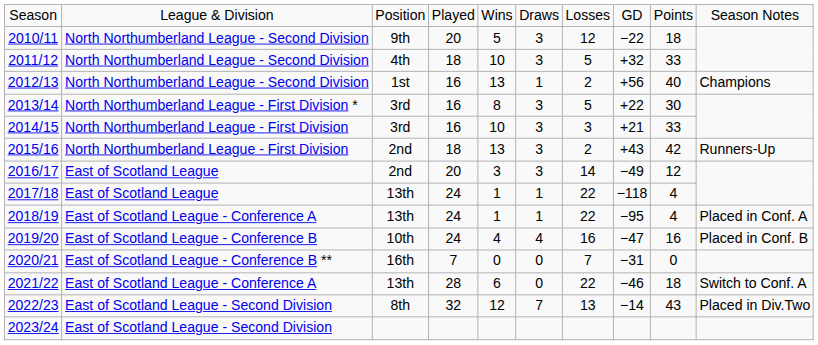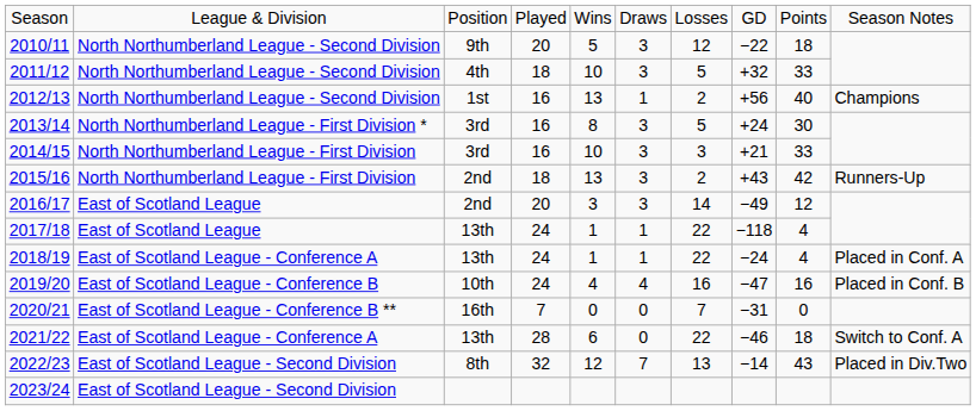 <table class="wikitable">
 <tr>
 <td style="text-align:center">Season</td>
 <td style="text-align:center">League & Division</td>
 <td style="text-align:center">Position</td>
 <td style="text-align:center">Played</td>
 <td style="text-align:center">Wins</td>
 <td style="text-align:center">Draws</td>
 <td style="text-align:center">Losses</td>
 <td style="text-align:center">GD</td>
 <td style="text-align:center">Points</td>
 <td style="text-align:center">Season Notes</td>
 </tr>
 <tr>
 <td style="text-align:center"><a href='#'>2010/11</a></td>
 <td style="text-align:center"><a href='#'>North Northumberland League - Second Division</a></td>
 <td style="text-align:center">9th</td>
 <td style="text-align:center">20</td>
 <td style="text-align:center">5</td>
 <td style="text-align:center">3</td>
 <td style="text-align:center">12</td>
 <td style="text-align:center">−22</td>
 <td style="text-align:center">18</td>
 </tr>
 <tr>
 <td style="text-align:center"><a href='#'>2011/12</a></td>
 <td style="text-align:center"><a href='#'>North Northumberland League - Second Division</a></td>
 <td style="text-align:center">4th</td>
 <td style="text-align:center">18</td>
 <td style="text-align:center">10</td>
 <td style="text-align:center">3</td>
 <td style="text-align:center">5</td>
 <td style="text-align:center">+32</td>
 <td style="text-align:center">33</td>
 </tr>
 <tr>
 <td style="text-align:center"><a href='#'>2012/13</a></td>
 <td style="text-align:center"><a href='#'>North Northumberland League - Second Division</a></td>
 <td style="text-align:center">1st</td>
 <td style="text-align:center">16</td>
 <td style="text-align:center">13</td>
 <td style="text-align:center">1</td>
 <td style="text-align:center">2</td>
 <td style="text-align:center">+56</td>
 <td style="text-align:center">40</td>
 <td style="text-align:left">Champions</td>
 </tr>
 <tr>
 <td style="text-align:left"><a href='#'>2013/14</a></td>
 <td style="text-align:left"><a href='#'>North Northumberland League - First Division</a> *</td>
 <td style="text-align:center">3rd</td>
 <td style="text-align:center">16</td>
 <td style="text-align:center">8</td>
 <td style="text-align:center">3</td>
 <td style="text-align:center">5</td>
-<td style="text-align:center">+22</td>
+<td style="text-align:center">+24</td>
 <td style="text-align:center">30</td>
 </tr>
 <tr>
 <td style="text-align:left"><a href='#'>2014/15</a></td>
 <td style="text-align:left"><a href='#'>North Northumberland League - First Division</a></td>
 <td style="text-align:center">3rd</td>
 <td style="text-align:center">16</td>
 <td style="text-align:center">10</td>
 <td style="text-align:center">3</td>
 <td style="text-align:center">3</td>
 <td style="text-align:center">+21</td>
 <td style="text-align:center">33</td>
 </tr>
 <tr>
 <td style="text-align:left"><a href='#'>2015/16</a></td>
 <td style="text-align:left"><a href='#'>North Northumberland League - First Division</a></td>
 <td style="text-align:center">2nd</td>
 <td style="text-align:center">18</td>
 <td style="text-align:center">13</td>
 <td style="text-align:center">3</td>
 <td style="text-align:center">2</td>
 <td style="text-align:center">+43</td>
 <td style="text-align:center">42</td>
 <td style="text-align:left">Runners-Up</td>
 </tr>
 <tr>
 <td style="text-align:left"><a href='#'>2016/17</a></td>
 <td style="text-align:left"><a href='#'>East of Scotland League</a></td>
 <td style="text-align:center">2nd</td>
 <td style="text-align:center">20</td>
 <td style="text-align:center">3</td>
 <td style="text-align:center">3</td>
 <td style="text-align:center">14</td>
 <td style="text-align:center">−49</td>
 <td style="text-align:center">12</td>
 </tr>
 <tr>
 <td style="text-align:left"><a href='#'>2017/18</a></td>
 <td style="text-align:left"><a href='#'>East of Scotland League</a></td>
 <td style="text-align:center">13th</td>
 <td style="text-align:center">24</td>
 <td style="text-align:center">1</td>
 <td style="text-align:center">1</td>
 <td style="text-align:center">22</td>
 <td style="text-align:center">−118</td>
 <td style="text-align:center">4</td>
 </tr>
 <tr>
 <td style="text-align:left"><a href='#'>2018/19</a></td>
 <td style="text-align:left"><a href='#'>East of Scotland League - Conference A</a></td>
 <td style="text-align:center">13th</td>
 <td style="text-align:center">24</td>
 <td style="text-align:center">1</td>
 <td style="text-align:center">1</td>
 <td style="text-align:center">22</td>
-<td style="text-align:center">−95</td>
+<td style="text-align:center">−24</td>
 <td style="text-align:center">4</td>
 <td style="text-align:left">Placed in Conf. A</td>
 </tr>
 <tr>
 <td style="text-align:left"><a href='#'>2019/20</a></td>
 <td style="text-align:left"><a href='#'>East of Scotland League - Conference B</a></td>
 <td style="text-align:center">10th</td>
 <td style="text-align:center">24</td>
 <td style="text-align:center">4</td>
 <td style="text-align:center">4</td>
 <td style="text-align:center">16</td>
 <td style="text-align:center">−47</td>
 <td style="text-align:center">16</td>
 <td style="text-align:left">Placed in Conf. B</td>
 </tr>
 <tr>
 <td style="text-align:left"><a href='#'>2020/21</a></td>
 <td style="text-align:left"><a href='#'>East of Scotland League - Conference B</a> **</td>
 <td style="text-align:center">16th</td>
 <td style="text-align:center">7</td>
 <td style="text-align:center">0</td>
 <td style="text-align:center">0</td>
 <td style="text-align:center">7</td>
 <td style="text-align:center">−31</td>
 <td style="text-align:center">0</td>
 </tr>
 <tr>
 <td style="text-align:left"><a href='#'>2021/22</a></td>
 <td style="text-align:left"><a href='#'>East of Scotland League - Conference A</a></td>
 <td style="text-align:center">13th</td>
 <td style="text-align:center">28</td>
 <td style="text-align:center">6</td>
 <td style="text-align:center">0</td>
 <td style="text-align:center">22</td>
 <td style="text-align:center">−46</td>
 <td style="text-align:center">18</td>
 <td style="text-align:left">Switch to Conf. A</td>
 </tr>
 <tr>
 <td style="text-align:left"><a href='#'>2022/23</a></td>
 <td style="text-align:left"><a href='#'>East of Scotland League - Second Division</a></td>
 <td style="text-align:center">8th</td>
 <td style="text-align:center">32</td>
 <td style="text-align:center">12</td>
 <td style="text-align:center">7</td>
 <td style="text-align:center">13</td>
 <td style="text-align:center">−14</td>
 <td style="text-align:center">43</td>
 <td style="text-align:left">Placed in Div.Two</td>
 </tr>
 <tr>
 <td style="text-align:left"><a href='#'>2023/24</a></td>
 <td style="text-align:left"><a href='#'>East of Scotland League - Second Division</a></td>
 <td style="text-align:center"></td>
 <td style="text-align:center"></td>
 <td style="text-align:center"></td>
 <td style="text-align:center"></td>
 <td style="text-align:center"></td>
 <td style="text-align:center"></td>
 <td style="text-align:center"></td>
 </tr>
 </table>
